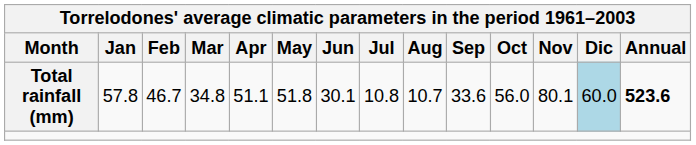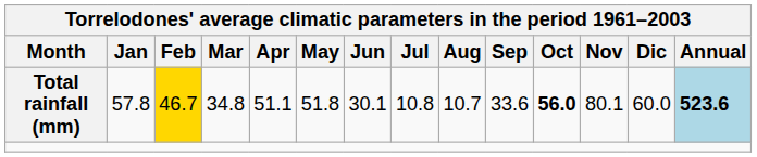 <table class="wikitable collapsible">
 <tr>
 <th colspan="14">Torrelodones' average climatic parameters in the period 1961–2003</th>
 </tr>
 <tr>
 <th>Month</th>
 <th>Jan</th>
 <th>Feb</th>
 <th>Mar</th>
 <th>Apr</th>
 <th>May</th>
 <th>Jun</th>
 <th>Jul</th>
 <th>Aug</th>
 <th>Sep</th>
 <th>Oct</th>
 <th>Nov</th>
 <th>Dic</th>
 <th>Annual</th>
 </tr>
 <tr>
 <th>Total rainfall (mm)</th>
 <td>57.8</td>
-<td>46.7</td>
+<td style="background: gold;">46.7</td>
 <td>34.8</td>
 <td>51.1</td>
 <td>51.8</td>
 <td>30.1</td>
 <td>10.8</td>
 <td>10.7</td>
 <td>33.6</td>
-<td>56.0</td>
+<td><strong>56.0</strong></td>
 <td>80.1</td>
-<td style="background: lightblue;">60.0</td>
-<td><strong>523.6</strong></td>
+<td>60.0</td>
+<td style="background: lightblue;"><strong>523.6</strong></td>
 </tr>
 <tr>
 <td colspan="14"></td>
 </tr>
 </table>
